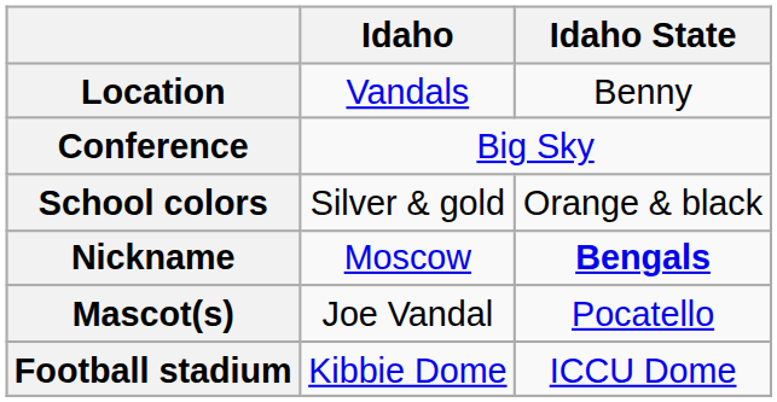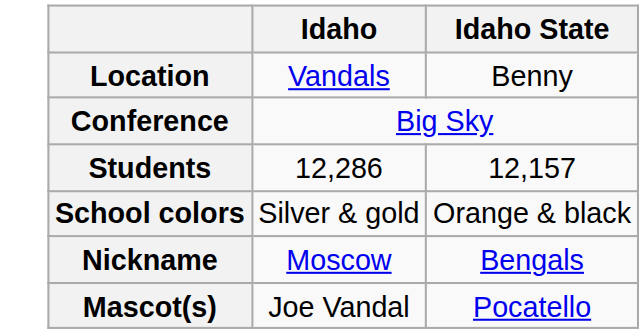 <table class=wikitable style="text-align:center; float:right; clear:right; margin-left:1em; font-size:88%;">
 <tr>
 <th></th>
 <th>Idaho</th>
 <th>Idaho State</th>
 </tr>
 <tr>
 <th scope=row>Location</th>
 <td><a href='#'>Vandals</a></td>
 <td>Benny</td>
 </tr>
 <tr>
 <th scope=row>Conference</th>
 <td colspan=2 align=center><a href='#'>Big Sky</a></td>
 </tr>
 <tr>
+<th scope=row>Students</th>
+<td>12,286</td>
+<td>12,157</td>
+</tr>
+<tr>
 <th scope=row>School colors</th>
 <td>Silver & gold</td>
 <td>Orange & black</td>
 </tr>
 <tr>
 <th scope=row>Nickname</th>
 <td><a href='#'>Moscow</a></td>
-<td><strong><a href='#'>Bengals</a></strong></td>
+<td><a href='#'>Bengals</a></td>
 </tr>
 <tr>
 <th scope=row>Mascot(s)</th>
 <td>Joe Vandal</td>
 <td><a href='#'>Pocatello</a></td>
 </tr>
-<tr>
-<th scope=row>Football stadium</th>
-<td><a href='#'>Kibbie Dome</a></td>
-<td><a href='#'>ICCU Dome</a></td>
-</tr>
 </table>
